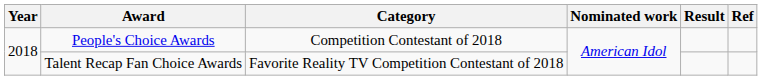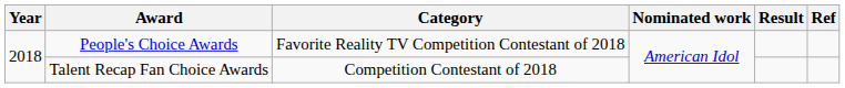 <table class="wikitable sortable" style="text-align: center;">
 <tr>
 <th>Year</th>
 <th>Award</th>
 <th>Category</th>
 <th>Nominated work</th>
 <th>Result</th>
 <th>Ref</th>
 </tr>
 <tr>
 <td rowspan="2">2018</td>
 <td><a href='#'>People's Choice Awards</a></td>
-<td>Competition Contestant of 2018</td>
+<td>Favorite Reality TV Competition Contestant of 2018</td>
 <td rowspan="2"><em><a href='#'>American Idol</a></em></td>
 <td></td>
 <td></td>
 </tr>
 <tr>
 <td>Talent Recap Fan Choice Awards</td>
-<td>Favorite Reality TV Competition Contestant of 2018</td>
+<td>Competition Contestant of 2018</td>
 <td></td>
 <td></td>
 </tr>
 </table>
